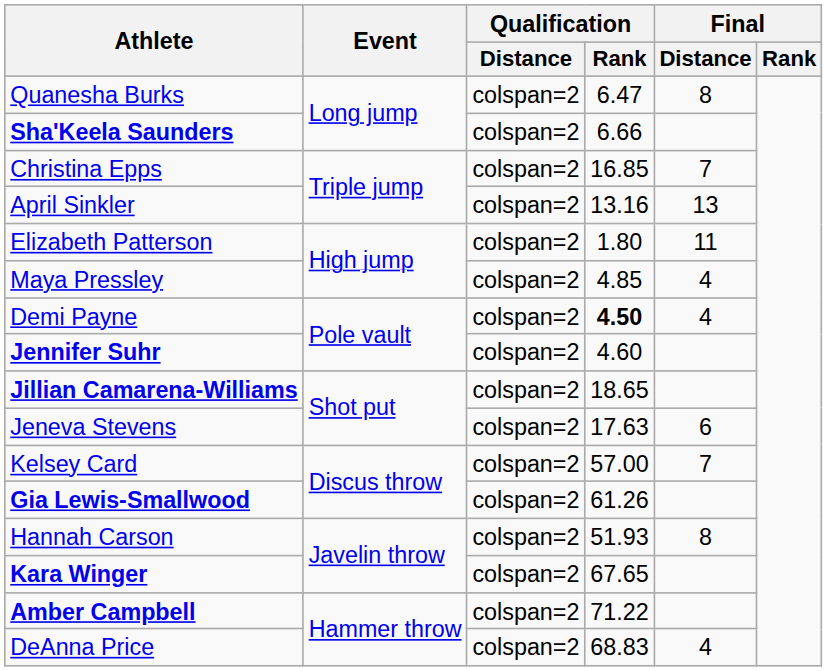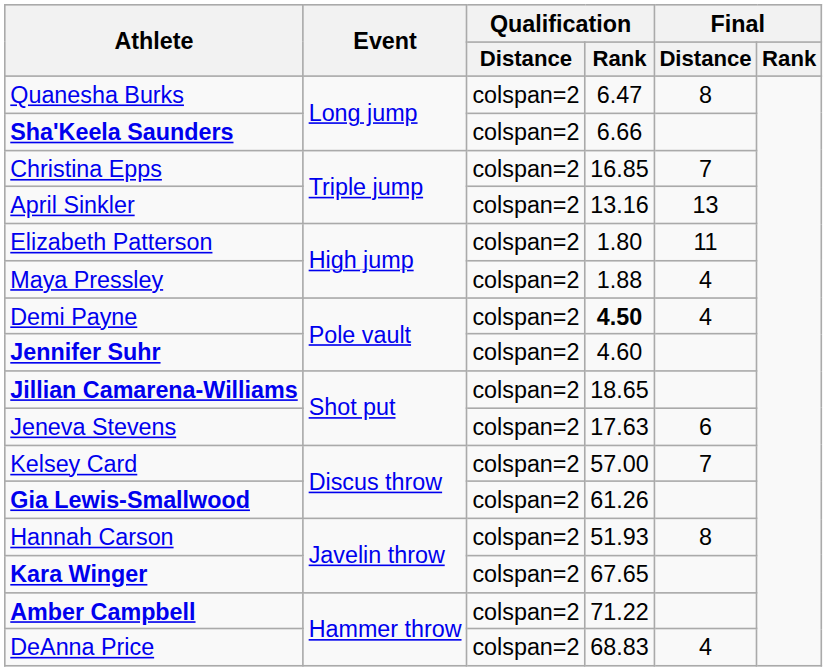 <table class=wikitable style="font-size:90%;">
 <tr>
 <th rowspan=2>Athlete</th>
 <th rowspan=2>Event</th>
 <th colspan=2>Qualification</th>
 <th colspan=2>Final</th>
 </tr>
 <tr style="font-size:95%">
 <th>Distance</th>
 <th>Rank</th>
 <th>Distance</th>
 <th>Rank</th>
 </tr>
 <tr align=center>
 <td align=left><a href='#'>Quanesha Burks</a></td>
 <td align=left rowspan=2><a href='#'>Long jump</a></td>
 <td>colspan=2 </td>
 <td>6.47</td>
 <td>8</td>
 </tr>
 <tr align=center>
 <td align=left><strong><a href='#'>Sha'Keela Saunders</a></strong></td>
 <td>colspan=2 </td>
 <td>6.66</td>
 <td></td>
 </tr>
 <tr align=center>
 <td align=left><a href='#'>Christina Epps</a></td>
 <td align=left rowspan=2><a href='#'>Triple jump</a></td>
 <td>colspan=2 </td>
 <td>16.85</td>
 <td>7</td>
 </tr>
 <tr align=center>
 <td align=left><a href='#'>April Sinkler</a></td>
 <td>colspan=2 </td>
 <td>13.16</td>
 <td>13</td>
 </tr>
 <tr align=center>
 <td align=left><a href='#'>Elizabeth Patterson</a></td>
 <td align=left rowspan=2><a href='#'>High jump</a></td>
 <td>colspan=2 </td>
 <td>1.80</td>
 <td>11</td>
 </tr>
 <tr align=center>
 <td align=left><a href='#'>Maya Pressley</a></td>
 <td>colspan=2 </td>
-<td>4.85</td>
+<td>1.88</td>
 <td>4</td>
 </tr>
 <tr align=center>
 <td align=left><a href='#'>Demi Payne</a></td>
 <td align=left rowspan=2><a href='#'>Pole vault</a></td>
 <td>colspan=2 </td>
 <td><strong>4.50</strong></td>
 <td>4</td>
 </tr>
 <tr align=center>
 <td align=left><strong><a href='#'>Jennifer Suhr</a></strong></td>
 <td>colspan=2 </td>
 <td>4.60</td>
 <td></td>
 </tr>
 <tr align=center>
 <td align=left><strong><a href='#'>Jillian Camarena-Williams</a></strong></td>
 <td align=left rowspan=2><a href='#'>Shot put</a></td>
 <td>colspan=2 </td>
 <td>18.65</td>
 <td></td>
 </tr>
 <tr align=center>
 <td align=left><a href='#'>Jeneva Stevens</a></td>
 <td>colspan=2 </td>
 <td>17.63</td>
 <td>6</td>
 </tr>
 <tr align=center>
 <td align=left><a href='#'>Kelsey Card</a></td>
 <td align=left rowspan=2><a href='#'>Discus throw</a></td>
 <td>colspan=2 </td>
 <td>57.00</td>
 <td>7</td>
 </tr>
 <tr align=center>
 <td align=left><strong><a href='#'>Gia Lewis-Smallwood</a></strong></td>
 <td>colspan=2 </td>
 <td>61.26</td>
 <td></td>
 </tr>
 <tr align=center>
 <td align=left><a href='#'>Hannah Carson</a></td>
 <td align=left rowspan=2><a href='#'>Javelin throw</a></td>
 <td>colspan=2 </td>
 <td>51.93</td>
 <td>8</td>
 </tr>
 <tr align=center>
 <td align=left><strong><a href='#'>Kara Winger</a></strong></td>
 <td>colspan=2 </td>
 <td>67.65</td>
 <td></td>
 </tr>
 <tr align=center>
 <td align=left><strong><a href='#'>Amber Campbell</a></strong></td>
 <td align=left rowspan=2><a href='#'>Hammer throw</a></td>
 <td>colspan=2 </td>
 <td>71.22</td>
 <td></td>
 </tr>
 <tr align=center>
 <td align=left><a href='#'>DeAnna Price</a></td>
 <td>colspan=2 </td>
 <td>68.83</td>
 <td>4</td>
 </tr>
 </table>
